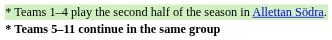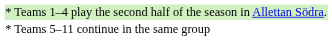 <table>
 <tr style="background: #D0F0C0;">
 <td>* Teams 1–4 play the second half of the season in <a href='#'>Allettan Södra</a>.</td>
 </tr>
 <tr>
-<td><strong>* Teams 5–11 continue in the same group</strong></td>
+<td>* Teams 5–11 continue in the same group</td>
 </tr>
 </table>
